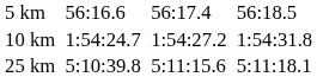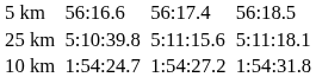 <table>
 <tr>
 <td>5 km<br></td>
 <td></td>
 <td>56:16.6</td>
 <td></td>
 <td>56:17.4</td>
 <td></td>
 <td>56:18.5</td>
 </tr>
 <tr>
+<td>25 km<br></td>
+<td></td>
+<td>5:10:39.8</td>
+<td></td>
+<td>5:11:15.6</td>
+<td></td>
+<td>5:11:18.1</td>
+</tr>
+<tr>
 <td>10 km<br></td>
 <td></td>
 <td>1:54:24.7</td>
 <td></td>
 <td>1:54:27.2</td>
 <td></td>
 <td>1:54:31.8</td>
 </tr>
-<tr>
-<td>25 km<br></td>
-<td></td>
-<td>5:10:39.8</td>
-<td></td>
-<td>5:11:15.6</td>
-<td></td>
-<td>5:11:18.1</td>
-</tr>
 </table>
